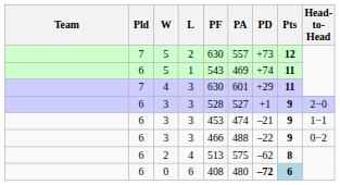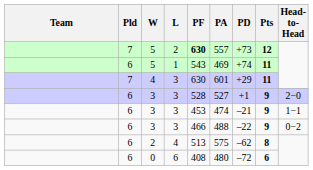 <table class=wikitable style="text-align:center">
 <tr>
 <th width=180>Team</th>
 <th width=30>Pld</th>
 <th width=30>W</th>
 <th width=30>L</th>
 <th width=30>PF</th>
 <th width=30>PA</th>
 <th width=30>PD</th>
 <th width=30>Pts</th>
 <th width=30>Head-to-Head</th>
 </tr>
 <tr bgcolor="#ccffcc">
 <td align="left"></td>
 <td>7</td>
 <td>5</td>
 <td>2</td>
-<td>630</td>
+<td><strong>630</strong></td>
 <td>557</td>
 <td>+73</td>
 <td><strong>12</strong></td>
 </tr>
 <tr bgcolor="#ccffcc">
 <td align="left"></td>
 <td>6</td>
 <td>5</td>
 <td>1</td>
 <td>543</td>
 <td>469</td>
 <td>+74</td>
 <td><strong>11</strong></td>
 </tr>
 <tr bgcolor="#ccccff">
 <td align="left"></td>
 <td>7</td>
 <td>4</td>
 <td>3</td>
 <td>630</td>
 <td>601</td>
 <td>+29</td>
 <td><strong>11</strong></td>
 </tr>
 <tr bgcolor="#ccccff">
 <td align="left"></td>
 <td>6</td>
 <td>3</td>
 <td>3</td>
 <td>528</td>
 <td>527</td>
 <td>+1</td>
 <td><strong>9</strong></td>
 <td>2−0</td>
 </tr>
 <tr>
 <td align="left"></td>
 <td>6</td>
 <td>3</td>
 <td>3</td>
 <td>453</td>
 <td>474</td>
 <td>–21</td>
 <td><strong>9</strong></td>
 <td>1−1</td>
 </tr>
 <tr>
 <td align="left"></td>
 <td>6</td>
 <td>3</td>
 <td>3</td>
 <td>466</td>
 <td>488</td>
 <td>–22</td>
 <td><strong>9</strong></td>
 <td>0−2</td>
 </tr>
 <tr>
 <td align="left"></td>
 <td>6</td>
 <td>2</td>
 <td>4</td>
 <td>513</td>
 <td>575</td>
 <td>–62</td>
 <td><strong>8</strong></td>
 </tr>
 <tr>
 <td align="left"></td>
 <td>6</td>
 <td>0</td>
 <td>6</td>
 <td>408</td>
 <td>480</td>
-<td><strong>–72</strong></td>
-<td style="background: lightblue;"><strong>6</strong></td>
+<td>–72</td>
+<td><strong>6</strong></td>
 </tr>
 </table>
